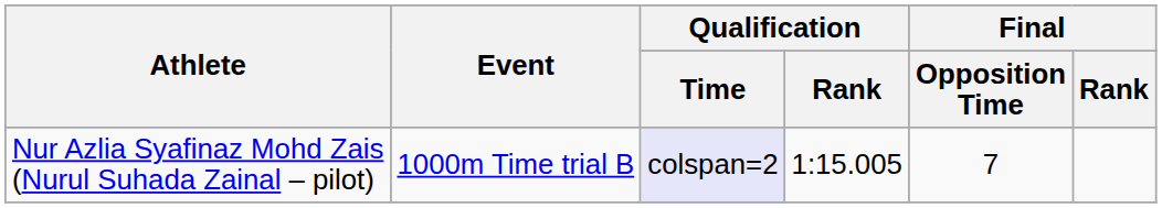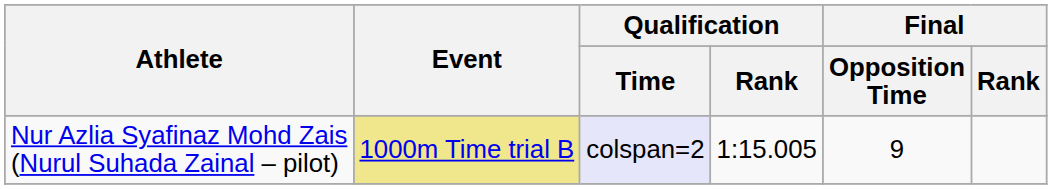 <table class=wikitable style="font-size:90%">
 <tr>
 <th rowspan="2">Athlete</th>
 <th rowspan="2">Event</th>
 <th colspan="2">Qualification</th>
 <th colspan="2">Final</th>
 </tr>
 <tr>
 <th>Time</th>
 <th>Rank</th>
 <th>Opposition<br>Time</th>
 <th>Rank</th>
 </tr>
 <tr align=center>
 <td align=left><a href='#'>Nur Azlia Syafinaz Mohd Zais</a><br> (<a href='#'>Nurul Suhada Zainal</a> – pilot)</td>
-<td align=left><a href='#'>1000m Time trial B</a></td>
+<td align=left style="background: khaki;"><a href='#'>1000m Time trial B</a></td>
 <td style="background: lavender;">colspan=2 </td>
 <td>1:15.005</td>
-<td>7</td>
+<td>9</td>
 </tr>
 </table>
